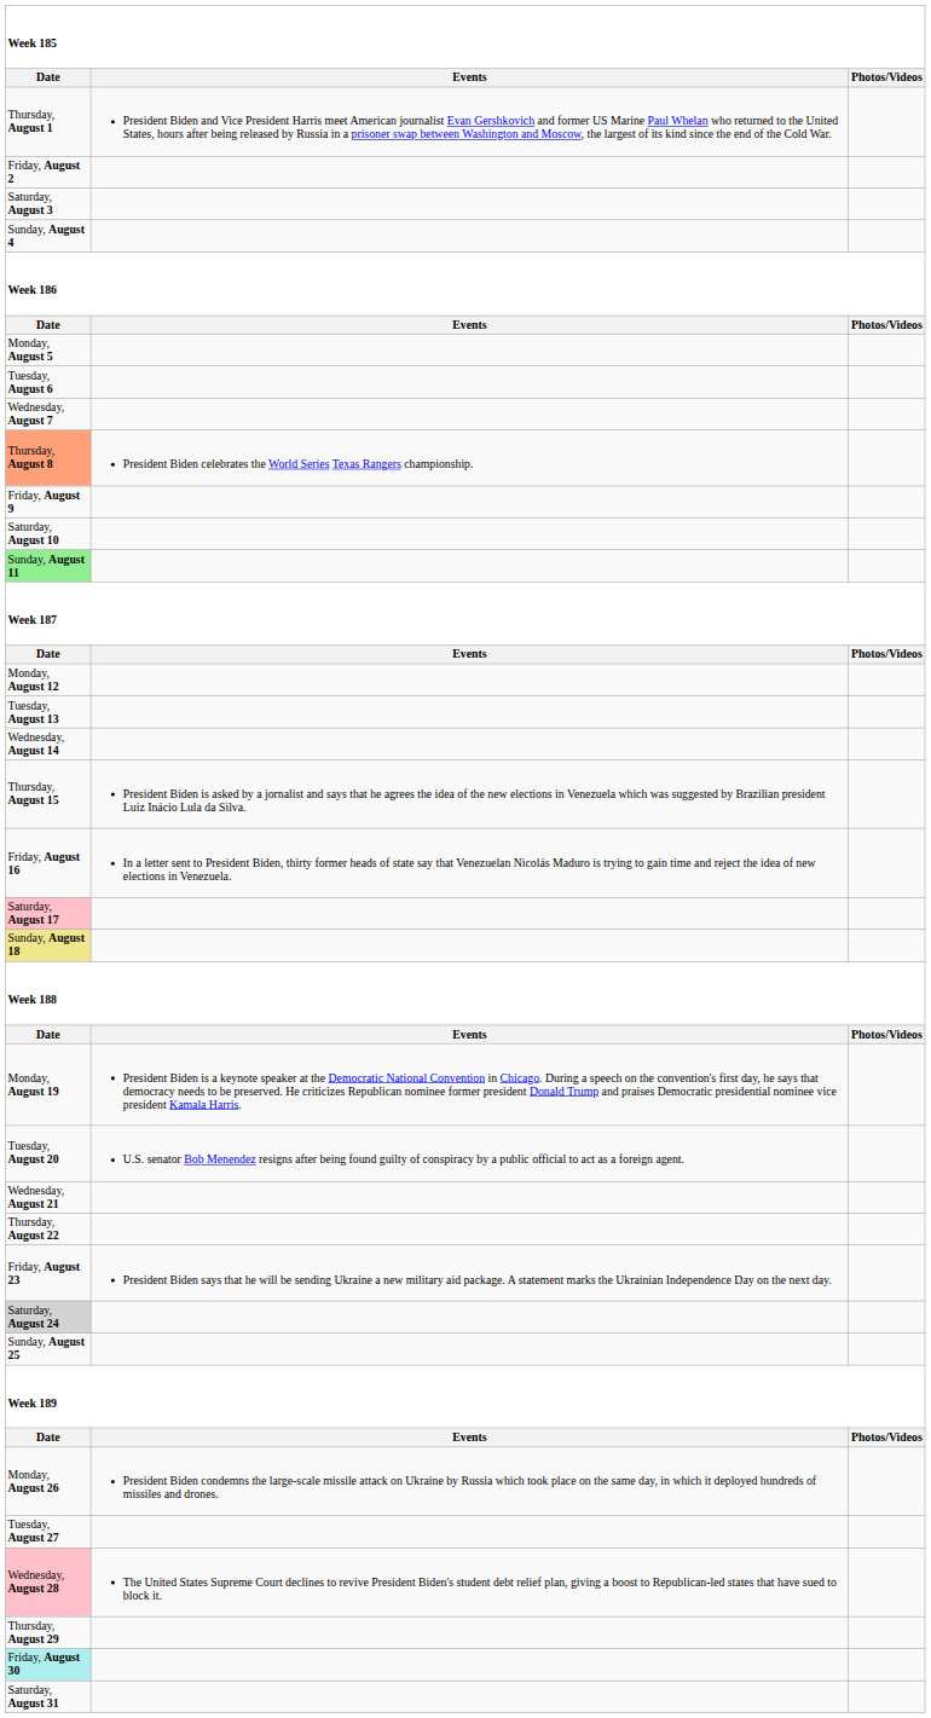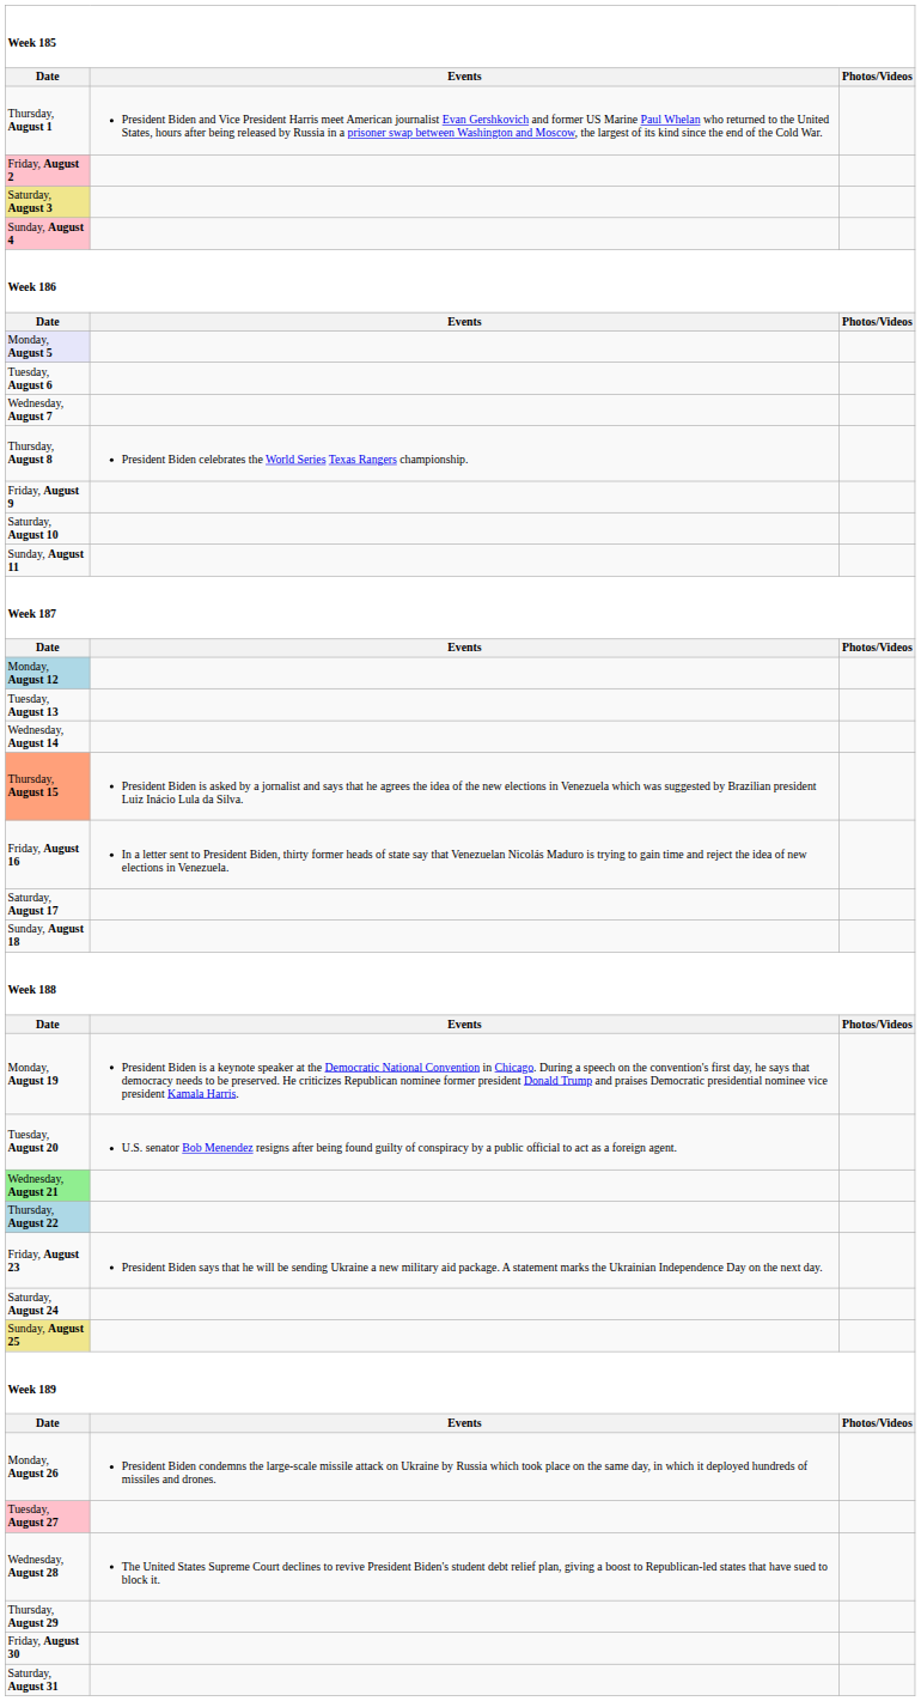 <table class="wikitable">
 <tr style="background:white;">
 <td colspan="3"><br><h4>Week 185</h4></td>
 </tr>
 <tr>
 <th>Date</th>
 <th>Events</th>
 <th>Photos/Videos</th>
 </tr>
 <tr>
 <td>Thursday, <strong>August 1</strong></td>
 <td><br><ul><li>President Biden and Vice President Harris meet American journalist <a href='#'>Evan Gershkovich</a> and former US Marine <a href='#'>Paul Whelan</a> who returned to the United States, hours after being released by Russia in a <a href='#'>prisoner swap between Washington and Moscow</a>, the largest of its kind since the end of the Cold War.</li></ul></td>
 <td></td>
 </tr>
 <tr>
-<td>Friday, <strong>August 2</strong></td>
+<td style="background: pink;">Friday, <strong>August 2</strong></td>
 <td></td>
 <td></td>
 </tr>
 <tr>
-<td>Saturday, <strong>August 3</strong></td>
+<td style="background: khaki;">Saturday, <strong>August 3</strong></td>
 <td></td>
 <td></td>
 </tr>
 <tr>
-<td>Sunday, <strong>August 4</strong></td>
+<td style="background: pink;">Sunday, <strong>August 4</strong></td>
 <td></td>
 <td></td>
 </tr>
 <tr style="background:white;">
 <td colspan="3"><br><h4>Week 186</h4></td>
 </tr>
 <tr>
 <th>Date</th>
 <th>Events</th>
 <th>Photos/Videos</th>
 </tr>
 <tr>
-<td>Monday, <strong>August 5</strong></td>
+<td style="background: lavender;">Monday, <strong>August 5</strong></td>
 <td></td>
 <td></td>
 </tr>
 <tr>
 <td>Tuesday, <strong>August 6</strong></td>
 <td></td>
 <td></td>
 </tr>
 <tr>
 <td>Wednesday, <strong>August 7</strong></td>
 <td></td>
 <td></td>
 </tr>
 <tr>
-<td style="background: lightsalmon;">Thursday, <strong>August 8</strong></td>
+<td>Thursday, <strong>August 8</strong></td>
 <td><br><ul><li>President Biden celebrates the <a href='#'>World Series</a> <a href='#'>Texas Rangers</a> championship.</li></ul></td>
 <td></td>
 </tr>
 <tr>
 <td>Friday, <strong>August 9</strong></td>
 <td></td>
 <td></td>
 </tr>
 <tr>
 <td>Saturday, <strong>August 10</strong></td>
 <td></td>
 <td></td>
 </tr>
 <tr>
-<td style="background: lightgreen;">Sunday, <strong>August 11</strong></td>
+<td>Sunday, <strong>August 11</strong></td>
 <td></td>
 <td></td>
 </tr>
 <tr style="background:white;">
 <td colspan="3"><br><h4>Week 187</h4></td>
 </tr>
 <tr>
 <th>Date</th>
 <th>Events</th>
 <th>Photos/Videos</th>
 </tr>
 <tr>
-<td>Monday, <strong>August 12</strong></td>
+<td style="background: lightblue;">Monday, <strong>August 12</strong></td>
 <td></td>
 <td></td>
 </tr>
 <tr>
 <td>Tuesday, <strong>August 13</strong></td>
 <td></td>
 <td></td>
 </tr>
 <tr>
 <td>Wednesday, <strong>August 14</strong></td>
 <td></td>
 <td></td>
 </tr>
 <tr>
-<td>Thursday, <strong>August 15</strong></td>
+<td style="background: lightsalmon;">Thursday, <strong>August 15</strong></td>
 <td><br><ul><li>President Biden is asked by a jornalist and says that he agrees the idea of the new elections in Venezuela which was suggested by Brazilian president Luiz Inácio Lula da Silva.</li></ul></td>
 <td></td>
 </tr>
 <tr>
 <td>Friday, <strong>August 16</strong></td>
 <td><br><ul><li>In a letter sent to President Biden, thirty former heads of state say that Venezuelan Nicolás Maduro is trying to gain time and reject the idea of new elections in Venezuela.</li></ul></td>
 <td></td>
 </tr>
 <tr>
-<td style="background: pink;">Saturday, <strong>August 17</strong></td>
+<td>Saturday, <strong>August 17</strong></td>
 <td></td>
 <td></td>
 </tr>
 <tr>
-<td style="background: khaki;">Sunday, <strong>August 18</strong></td>
+<td>Sunday, <strong>August 18</strong></td>
 <td></td>
 <td></td>
 </tr>
 <tr style="background:white;">
 <td colspan="3"><br><h4>Week 188</h4></td>
 </tr>
 <tr>
 <th>Date</th>
 <th>Events</th>
 <th>Photos/Videos</th>
 </tr>
 <tr>
 <td>Monday, <strong>August 19</strong></td>
 <td><br><ul><li>President Biden is a keynote speaker at the <a href='#'>Democratic National Convention</a> in <a href='#'>Chicago</a>. During a speech on the convention's first day, he says that democracy needs to be preserved. He criticizes Republican nominee former president <a href='#'>Donald Trump</a> and praises Democratic presidential nominee vice president <a href='#'>Kamala Harris</a>.</li></ul></td>
 <td></td>
 </tr>
 <tr>
 <td>Tuesday, <strong>August 20</strong></td>
 <td><br><ul><li>U.S. senator <a href='#'>Bob Menendez</a> resigns after being found guilty of conspiracy by a public official to act as a foreign agent.</li></ul></td>
 <td></td>
 </tr>
 <tr>
-<td>Wednesday, <strong>August 21</strong></td>
+<td style="background: lightgreen;">Wednesday, <strong>August 21</strong></td>
 <td></td>
 <td></td>
 </tr>
 <tr>
-<td>Thursday, <strong>August 22</strong></td>
+<td style="background: lightblue;">Thursday, <strong>August 22</strong></td>
 <td></td>
 <td></td>
 </tr>
 <tr>
 <td>Friday, <strong>August 23</strong></td>
 <td><br><ul><li>President Biden says that he will be sending Ukraine a new military aid package. A statement marks the Ukrainian Independence Day on the next day.</li></ul></td>
 <td></td>
 </tr>
 <tr>
-<td style="background: lightgrey;">Saturday, <strong>August 24</strong></td>
+<td>Saturday, <strong>August 24</strong></td>
 <td></td>
 <td></td>
 </tr>
 <tr>
-<td>Sunday, <strong>August 25</strong></td>
+<td style="background: khaki;">Sunday, <strong>August 25</strong></td>
 <td></td>
 <td></td>
 </tr>
 <tr style="background:white;">
 <td colspan="3"><br><h4>Week 189</h4></td>
 </tr>
 <tr>
 <th>Date</th>
 <th>Events</th>
 <th>Photos/Videos</th>
 </tr>
 <tr>
 <td>Monday, <strong>August 26</strong></td>
 <td><br><ul><li>President Biden condemns the large-scale missile attack on Ukraine by Russia which took place on the same day, in which it deployed hundreds of missiles and drones.</li></ul></td>
 <td></td>
 </tr>
 <tr>
-<td>Tuesday, <strong>August 27</strong></td>
+<td style="background: pink;">Tuesday, <strong>August 27</strong></td>
 <td></td>
 <td></td>
 </tr>
 <tr>
-<td style="background: pink;">Wednesday, <strong>August 28</strong></td>
+<td>Wednesday, <strong>August 28</strong></td>
 <td><br><ul><li>The United States Supreme Court declines to revive President Biden's student debt relief plan, giving a boost to Republican-led states that have sued to block it.</li></ul></td>
 <td></td>
 </tr>
 <tr>
 <td>Thursday, <strong>August 29</strong></td>
 <td></td>
 <td></td>
 </tr>
 <tr>
-<td style="background: paleturquoise;">Friday, <strong>August 30</strong></td>
+<td>Friday, <strong>August 30</strong></td>
 <td></td>
 <td></td>
 </tr>
 <tr>
 <td>Saturday, <strong>August 31</strong></td>
 <td></td>
 <td></td>
 </tr>
 </table>
